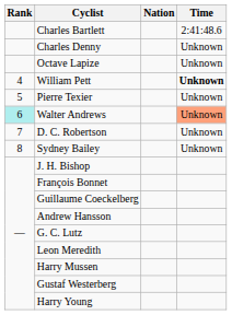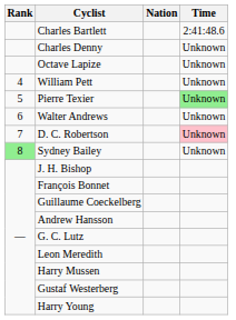 <table class="wikitable sortable">
 <tr>
 <th>Rank</th>
 <th>Cyclist</th>
 <th>Nation</th>
 <th>Time</th>
 </tr>
 <tr>
 <td align=center></td>
 <td>Charles Bartlett</td>
 <td></td>
 <td align=center>2:41:48.6</td>
 </tr>
 <tr>
 <td align=center></td>
 <td>Charles Denny</td>
 <td></td>
 <td align=center>Unknown</td>
 </tr>
 <tr>
 <td align=center></td>
 <td>Octave Lapize</td>
 <td></td>
 <td align=center>Unknown</td>
 </tr>
 <tr>
 <td align=center>4</td>
 <td>William Pett</td>
 <td></td>
-<td align=center><strong>Unknown</strong></td>
+<td align=center>Unknown</td>
 </tr>
 <tr>
 <td align=center>5</td>
 <td>Pierre Texier</td>
 <td></td>
-<td align=center>Unknown</td>
+<td align=center style="background: lightgreen;">Unknown</td>
 </tr>
 <tr>
-<td align=center style="background: paleturquoise;">6</td>
+<td align=center>6</td>
 <td>Walter Andrews</td>
 <td></td>
-<td align=center style="background: lightsalmon;">Unknown</td>
+<td align=center>Unknown</td>
 </tr>
 <tr>
 <td align=center>7</td>
 <td>D. C. Robertson</td>
 <td></td>
-<td align=center>Unknown</td>
+<td align=center style="background: pink;">Unknown</td>
 </tr>
 <tr>
-<td align=center>8</td>
+<td align=center style="background: lightgreen;">8</td>
 <td>Sydney Bailey</td>
 <td></td>
 <td align=center>Unknown</td>
 </tr>
 <tr>
 <td align=center rowspan=9 data-sort-value=9>—</td>
 <td>J. H. Bishop</td>
 <td></td>
 <td align=center></td>
 </tr>
 <tr>
 <td>François Bonnet</td>
 <td></td>
 <td align=center></td>
 </tr>
 <tr>
 <td>Guillaume Coeckelberg</td>
 <td></td>
 <td align=center></td>
 </tr>
 <tr>
 <td>Andrew Hansson</td>
 <td></td>
 <td align=center></td>
 </tr>
 <tr>
 <td>G. C. Lutz</td>
 <td></td>
 <td align=center></td>
 </tr>
 <tr>
 <td>Leon Meredith</td>
 <td></td>
 <td align=center></td>
 </tr>
 <tr>
 <td>Harry Mussen</td>
 <td></td>
 <td align=center></td>
 </tr>
 <tr>
 <td>Gustaf Westerberg</td>
 <td></td>
 <td align=center></td>
 </tr>
 <tr>
 <td>Harry Young</td>
 <td></td>
 <td align=center></td>
 </tr>
 </table>
